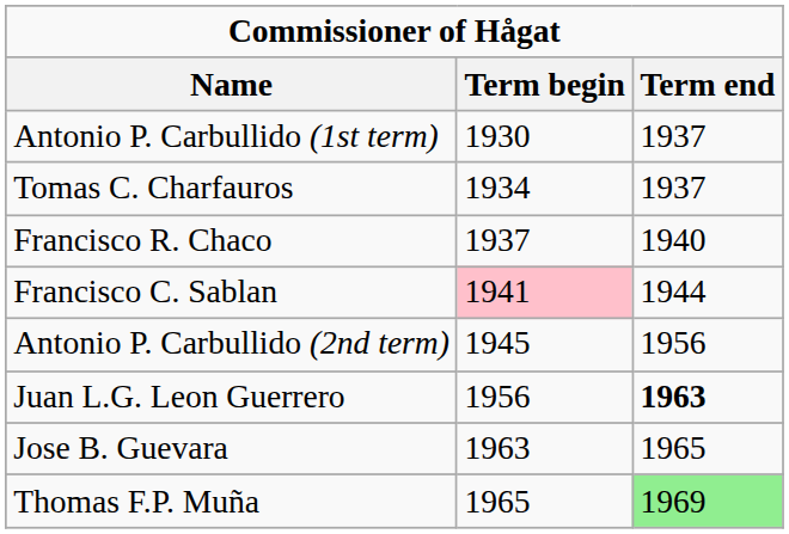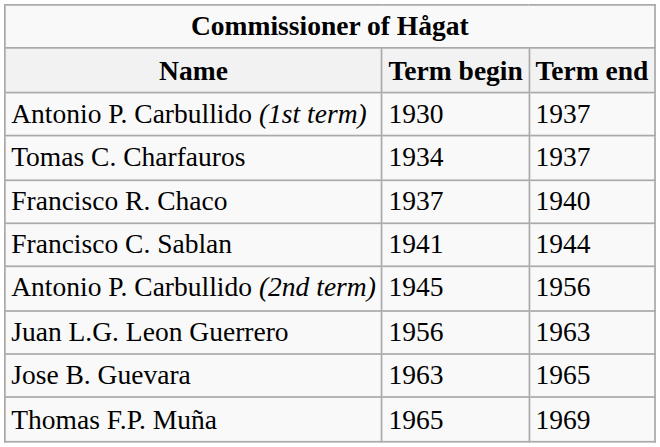 <table class="wikitable">
 <tr>
 <td colspan="4" align=center><strong>Commissioner of Hågat</strong></td>
 </tr>
 <tr>
 <th>Name</th>
 <th>Term begin</th>
 <th>Term end</th>
 </tr>
 <tr>
 <td>Antonio P. Carbullido <em>(1st term)</em></td>
 <td>1930</td>
 <td>1937</td>
 </tr>
 <tr>
 <td>Tomas C. Charfauros</td>
 <td>1934</td>
 <td>1937</td>
 </tr>
 <tr>
 <td>Francisco R. Chaco</td>
 <td>1937</td>
 <td>1940</td>
 </tr>
 <tr>
 <td>Francisco C. Sablan</td>
-<td style="background: pink;">1941</td>
+<td>1941</td>
 <td>1944</td>
 </tr>
 <tr>
 <td>Antonio P. Carbullido <em>(2nd term)</em></td>
 <td>1945</td>
 <td>1956</td>
 </tr>
 <tr>
 <td>Juan L.G. Leon Guerrero</td>
 <td>1956</td>
-<td><strong>1963</strong></td>
+<td>1963</td>
 </tr>
 <tr>
 <td>Jose B. Guevara</td>
 <td>1963</td>
 <td>1965</td>
 </tr>
 <tr>
 <td>Thomas F.P. Muña</td>
 <td>1965</td>
-<td style="background: lightgreen;">1969</td>
+<td>1969</td>
 </tr>
 </table>
